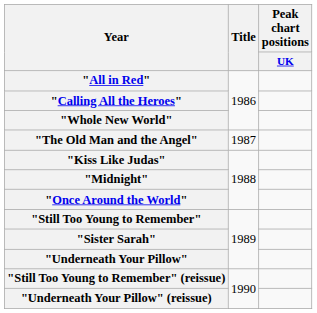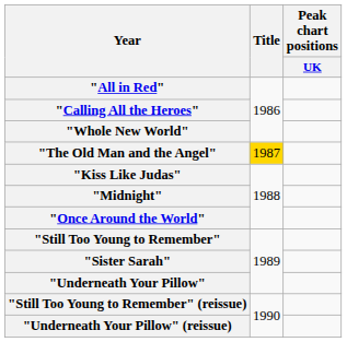 <table class="wikitable plainrowheaders">
 <tr>
 <th scope="col" rowspan="2">Year</th>
 <th scope="col" rowspan="2">Title</th>
 <th scope="col">Peak chart positions</th>
 </tr>
 <tr>
 <th scope="col" style="width:3em;font-size:90%"><a href='#'>UK</a><br></th>
 </tr>
 <tr>
 <th scope="row">"<a href='#'>All in Red</a>"</th>
 <td rowspan="3">1986</td>
 <td></td>
 </tr>
 <tr>
 <th scope="row">"<a href='#'>Calling All the Heroes</a>"</th>
 <td></td>
 </tr>
 <tr>
 <th scope="row">"Whole New World"</th>
 <td></td>
 </tr>
 <tr>
 <th scope="row">"The Old Man and the Angel"</th>
-<td>1987</td>
+<td style="background: gold;">1987</td>
 <td></td>
 </tr>
 <tr>
 <th scope="row">"Kiss Like Judas"</th>
 <td rowspan="3">1988</td>
 <td></td>
 </tr>
 <tr>
 <th scope="row">"Midnight"</th>
 <td></td>
 </tr>
 <tr>
 <th scope="row">"<a href='#'>Once Around the World</a>"</th>
 <td></td>
 </tr>
 <tr>
 <th scope="row">"Still Too Young to Remember"</th>
 <td rowspan="3">1989</td>
 <td></td>
 </tr>
 <tr>
 <th scope="row">"Sister Sarah"</th>
 <td></td>
 </tr>
 <tr>
 <th scope="row">"Underneath Your Pillow"</th>
 <td></td>
 </tr>
 <tr>
 <th scope="row">"Still Too Young to Remember" (reissue)</th>
 <td rowspan="2">1990</td>
 <td></td>
 </tr>
 <tr>
 <th scope="row">"Underneath Your Pillow" (reissue)</th>
 <td></td>
 </tr>
 </table>
